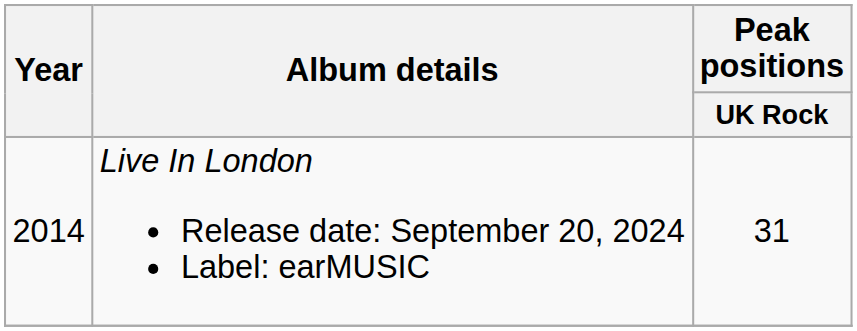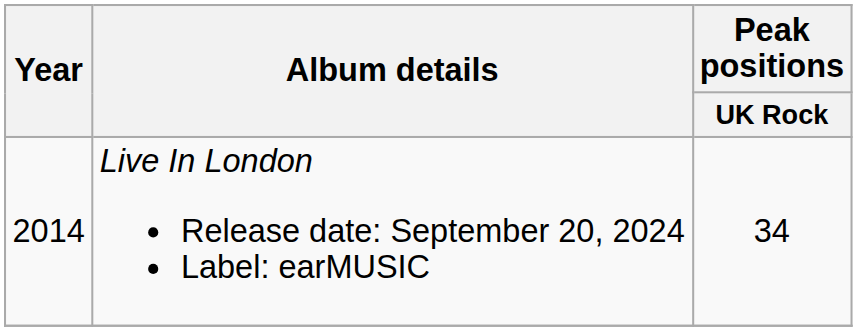 <table class="wikitable" style="text-align:center;">
 <tr>
 <th rowspan="2">Year</th>
 <th rowspan="2">Album details</th>
 <th colspan="1”">Peak positions</th>
 </tr>
 <tr style="font-size:smaller;">
 <th width="45">UK Rock </th>
 </tr>
 <tr>
 <td>2014</td>
 <td align="left"><em>Live In London</em><br><ul><li>Release date: September 20, 2024</li><li>Label: earMUSIC</li></ul></td>
-<td>31</td>
+<td>34</td>
 </tr>
 <tr>
 </tr>
 </table>
